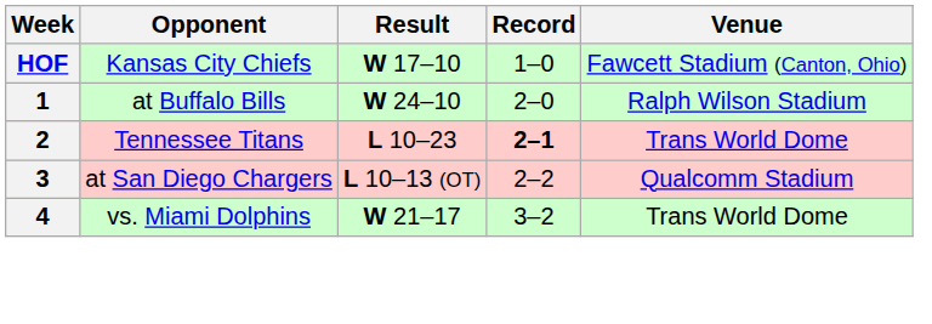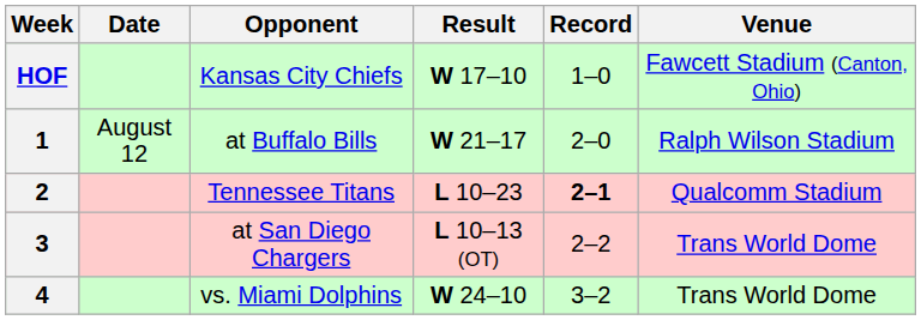 <table class="wikitable" style="text-align:center">
 <tr>
 <th>Week</th>
+<th>Date</th>
 <th>Opponent</th>
 <th>Result</th>
 <th>Record</th>
 <th>Venue</th>
 </tr>
 <tr style="background: #cfc;">
 <th><a href='#'>HOF</a></th>
+<td></td>
 <td><a href='#'>Kansas City Chiefs</a></td>
 <td><strong>W</strong> 17–10</td>
 <td>1–0</td>
 <td><a href='#'>Fawcett Stadium</a> <small>(<a href='#'>Canton, Ohio</a>)</small></td>
 </tr>
 <tr style="background: #cfc;">
 <th>1</th>
+<td>August 12</td>
 <td>at <a href='#'>Buffalo Bills</a></td>
-<td><strong>W</strong> 24–10</td>
+<td><strong>W</strong> 21–17</td>
 <td>2–0</td>
 <td><a href='#'>Ralph Wilson Stadium</a></td>
 </tr>
 <tr style="background: #fcc;">
 <th>2</th>
+<td></td>
 <td><a href='#'>Tennessee Titans</a></td>
 <td><strong>L</strong> 10–23</td>
 <td><strong>2–1</strong></td>
-<td><a href='#'>Trans World Dome</a></td>
+<td><a href='#'>Qualcomm Stadium</a></td>
 </tr>
 <tr style="background: #fcc;">
 <th>3</th>
+<td></td>
 <td>at <a href='#'>San Diego Chargers</a></td>
 <td><strong>L</strong> 10–13 <small>(OT)</small></td>
 <td>2–2</td>
-<td><a href='#'>Qualcomm Stadium</a></td>
+<td><a href='#'>Trans World Dome</a></td>
 </tr>
 <tr style="background: #cfc;">
 <th>4</th>
+<td></td>
 <td>vs. <a href='#'>Miami Dolphins</a></td>
-<td><strong>W</strong> 21–17</td>
+<td><strong>W</strong> 24–10</td>
 <td>3–2</td>
 <td>Trans World Dome</td>
 </tr>
 </table>
